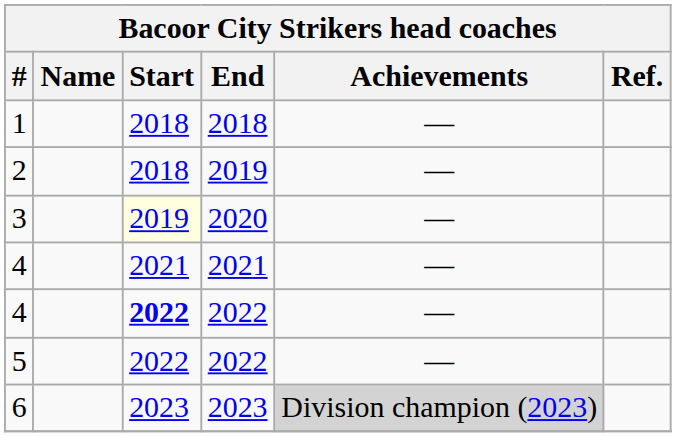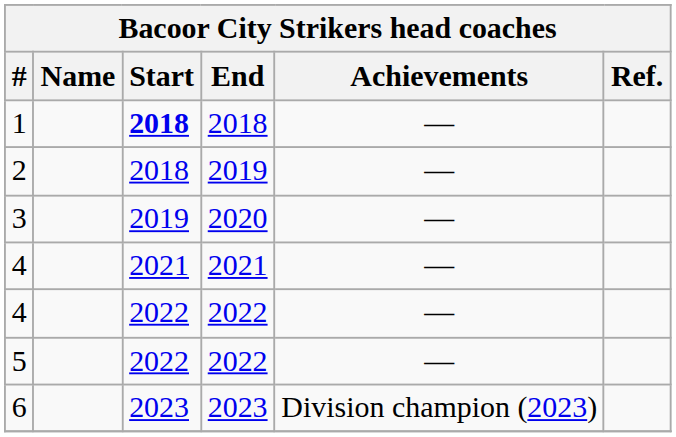 <table class="wikitable sortable">
 <tr>
 <th colspan="6">Bacoor City Strikers head coaches</th>
 </tr>
 <tr>
 <th>#</th>
 <th>Name</th>
 <th>Start</th>
 <th>End</th>
 <th>Achievements</th>
 <th>Ref.</th>
 </tr>
 <tr>
 <td align=center>1</td>
 <td></td>
-<td><a href='#'>2018</a></td>
+<td><strong><a href='#'>2018</a></strong></td>
 <td><a href='#'>2018</a></td>
 <td align=center>—</td>
 <td></td>
 </tr>
 <tr>
 <td align=center>2</td>
 <td></td>
 <td><a href='#'>2018</a></td>
 <td><a href='#'>2019</a></td>
 <td align=center>—</td>
 <td></td>
 </tr>
 <tr>
 <td align=center>3</td>
 <td></td>
-<td style="background: lightyellow;"><a href='#'>2019</a></td>
+<td><a href='#'>2019</a></td>
 <td><a href='#'>2020</a></td>
 <td align=center>—</td>
 <td></td>
 </tr>
 <tr>
 <td align=center>4</td>
 <td></td>
 <td><a href='#'>2021</a></td>
 <td><a href='#'>2021</a></td>
 <td align=center>—</td>
 <td></td>
 </tr>
 <tr>
 <td align=center>4</td>
 <td></td>
-<td><strong><a href='#'>2022</a></strong></td>
+<td><a href='#'>2022</a></td>
 <td><a href='#'>2022</a></td>
 <td align=center>—</td>
 <td></td>
 </tr>
 <tr>
 <td align=center>5</td>
 <td></td>
 <td><a href='#'>2022</a></td>
 <td><a href='#'>2022</a></td>
 <td align=center>—</td>
 <td></td>
 </tr>
 <tr>
 <td align=center>6</td>
 <td></td>
 <td><a href='#'>2023</a></td>
 <td><a href='#'>2023</a></td>
-<td align=center style="background: lightgrey;">Division champion (<a href='#'>2023</a>)</td>
+<td align=center>Division champion (<a href='#'>2023</a>)</td>
 <td></td>
 </tr>
 <tr>
 </tr>
 </table>
